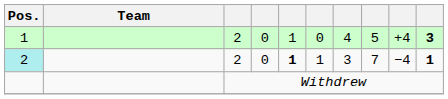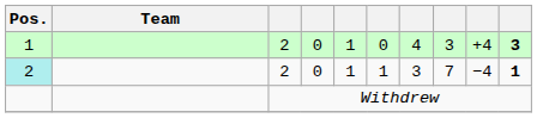 <table class="wikitable" style="text-align:center">
 <tr>
 <th width=30>Pos.</th>
 <th width=165>Team</th>
 <th width=20></th>
 <th width=20></th>
 <th width=20></th>
 <th width=20></th>
 <th width=20></th>
 <th width=20></th>
 <th width=20></th>
 <th width=20></th>
 </tr>
 <tr style="background:#cfc">
 <td>1</td>
 <td style="text-align:left"></td>
 <td>2</td>
 <td>0</td>
 <td>1</td>
 <td>0</td>
 <td>4</td>
-<td>5</td>
+<td>3</td>
 <td>+4</td>
 <td><strong>3</strong></td>
 </tr>
 <tr>
 <td style="background: paleturquoise;">2</td>
 <td style="text-align:left"></td>
 <td>2</td>
 <td>0</td>
-<td><strong>1</strong></td>
+<td>1</td>
 <td>1</td>
 <td>3</td>
 <td>7</td>
 <td>−4</td>
 <td><strong>1</strong></td>
 </tr>
 <tr>
 <td></td>
 <td style="text-align:left"></td>
 <td colspan="8"><em>Withdrew</em></td>
 </tr>
 <tr>
 </tr>
 </table>
